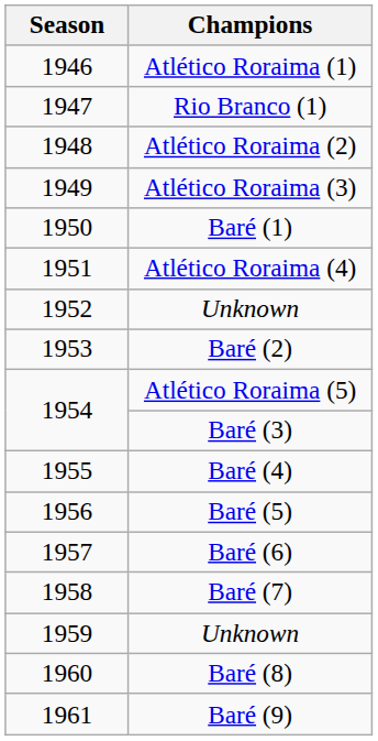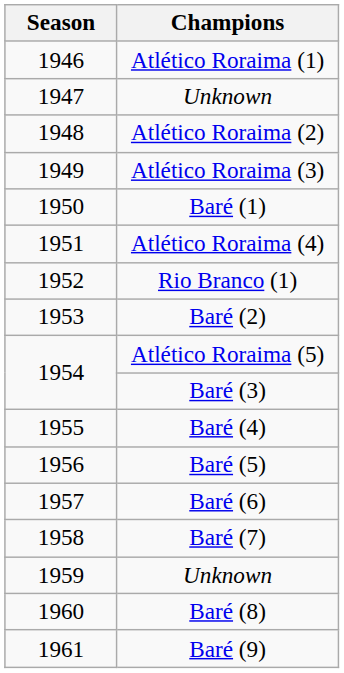 <table class="wikitable" style="text-align:center; margin-left:1em;">
 <tr>
 <th style="width:70px">Season</th>
 <th style="width:145px">Champions</th>
 </tr>
 <tr>
 <td>1946</td>
 <td><a href='#'>Atlético Roraima</a> (1)</td>
 </tr>
 <tr>
 <td>1947</td>
-<td><a href='#'>Rio Branco</a> (1)</td>
+<td><em>Unknown</em></td>
 </tr>
 <tr>
 <td>1948</td>
 <td><a href='#'>Atlético Roraima</a> (2)</td>
 </tr>
 <tr>
 <td>1949</td>
 <td><a href='#'>Atlético Roraima</a> (3)</td>
 </tr>
 <tr>
 <td>1950</td>
 <td><a href='#'>Baré</a> (1)</td>
 </tr>
 <tr>
 <td>1951</td>
 <td><a href='#'>Atlético Roraima</a> (4)</td>
 </tr>
 <tr>
 <td>1952</td>
-<td><em>Unknown</em></td>
+<td><a href='#'>Rio Branco</a> (1)</td>
 </tr>
 <tr>
 <td>1953</td>
 <td><a href='#'>Baré</a> (2)</td>
 </tr>
 <tr>
 <td rowspan="2">1954</td>
 <td><a href='#'>Atlético Roraima</a> (5)</td>
 </tr>
 <tr>
 <td><a href='#'>Baré</a> (3)</td>
 </tr>
 <tr>
 <td>1955</td>
 <td><a href='#'>Baré</a> (4)</td>
 </tr>
 <tr>
 <td>1956</td>
 <td><a href='#'>Baré</a> (5)</td>
 </tr>
 <tr>
 <td>1957</td>
 <td><a href='#'>Baré</a> (6)</td>
 </tr>
 <tr>
 <td>1958</td>
 <td><a href='#'>Baré</a> (7)</td>
 </tr>
 <tr>
 <td>1959</td>
 <td><em>Unknown</em></td>
 </tr>
 <tr>
 <td>1960</td>
 <td><a href='#'>Baré</a> (8)</td>
 </tr>
 <tr>
 <td>1961</td>
 <td><a href='#'>Baré</a> (9)</td>
 </tr>
 </table>
